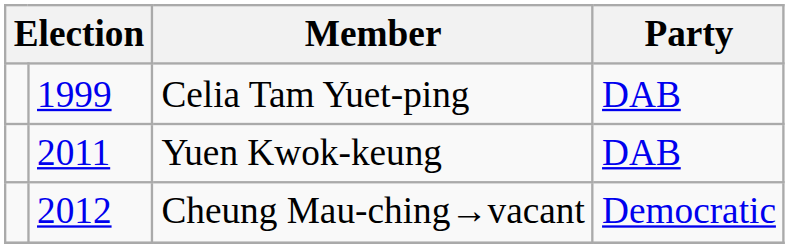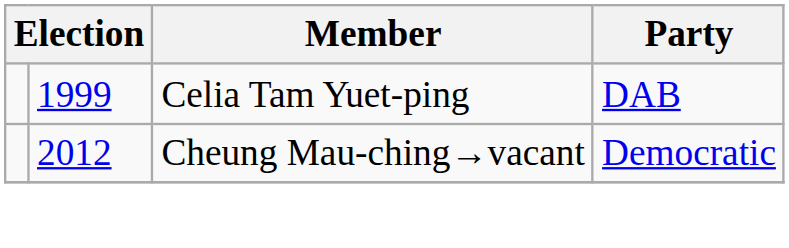 <table class="wikitable">
 <tr>
 <th colspan="2">Election</th>
 <th>Member</th>
 <th>Party</th>
 </tr>
 <tr>
 <td style="background-color: "></td>
 <td><a href='#'>1999</a></td>
 <td>Celia Tam Yuet-ping</td>
 <td><a href='#'>DAB</a></td>
 </tr>
 <tr>
 <td style="background-color: "></td>
-<td><a href='#'>2011</a></td>
-<td>Yuen Kwok-keung</td>
-<td><a href='#'>DAB</a></td>
-</tr>
-<tr>
-<td style="background-color: "></td>
 <td><a href='#'>2012</a></td>
 <td>Cheung Mau-ching→vacant</td>
 <td><a href='#'>Democratic</a></td>
 </tr>
 <tr>
 </tr>
 </table>
